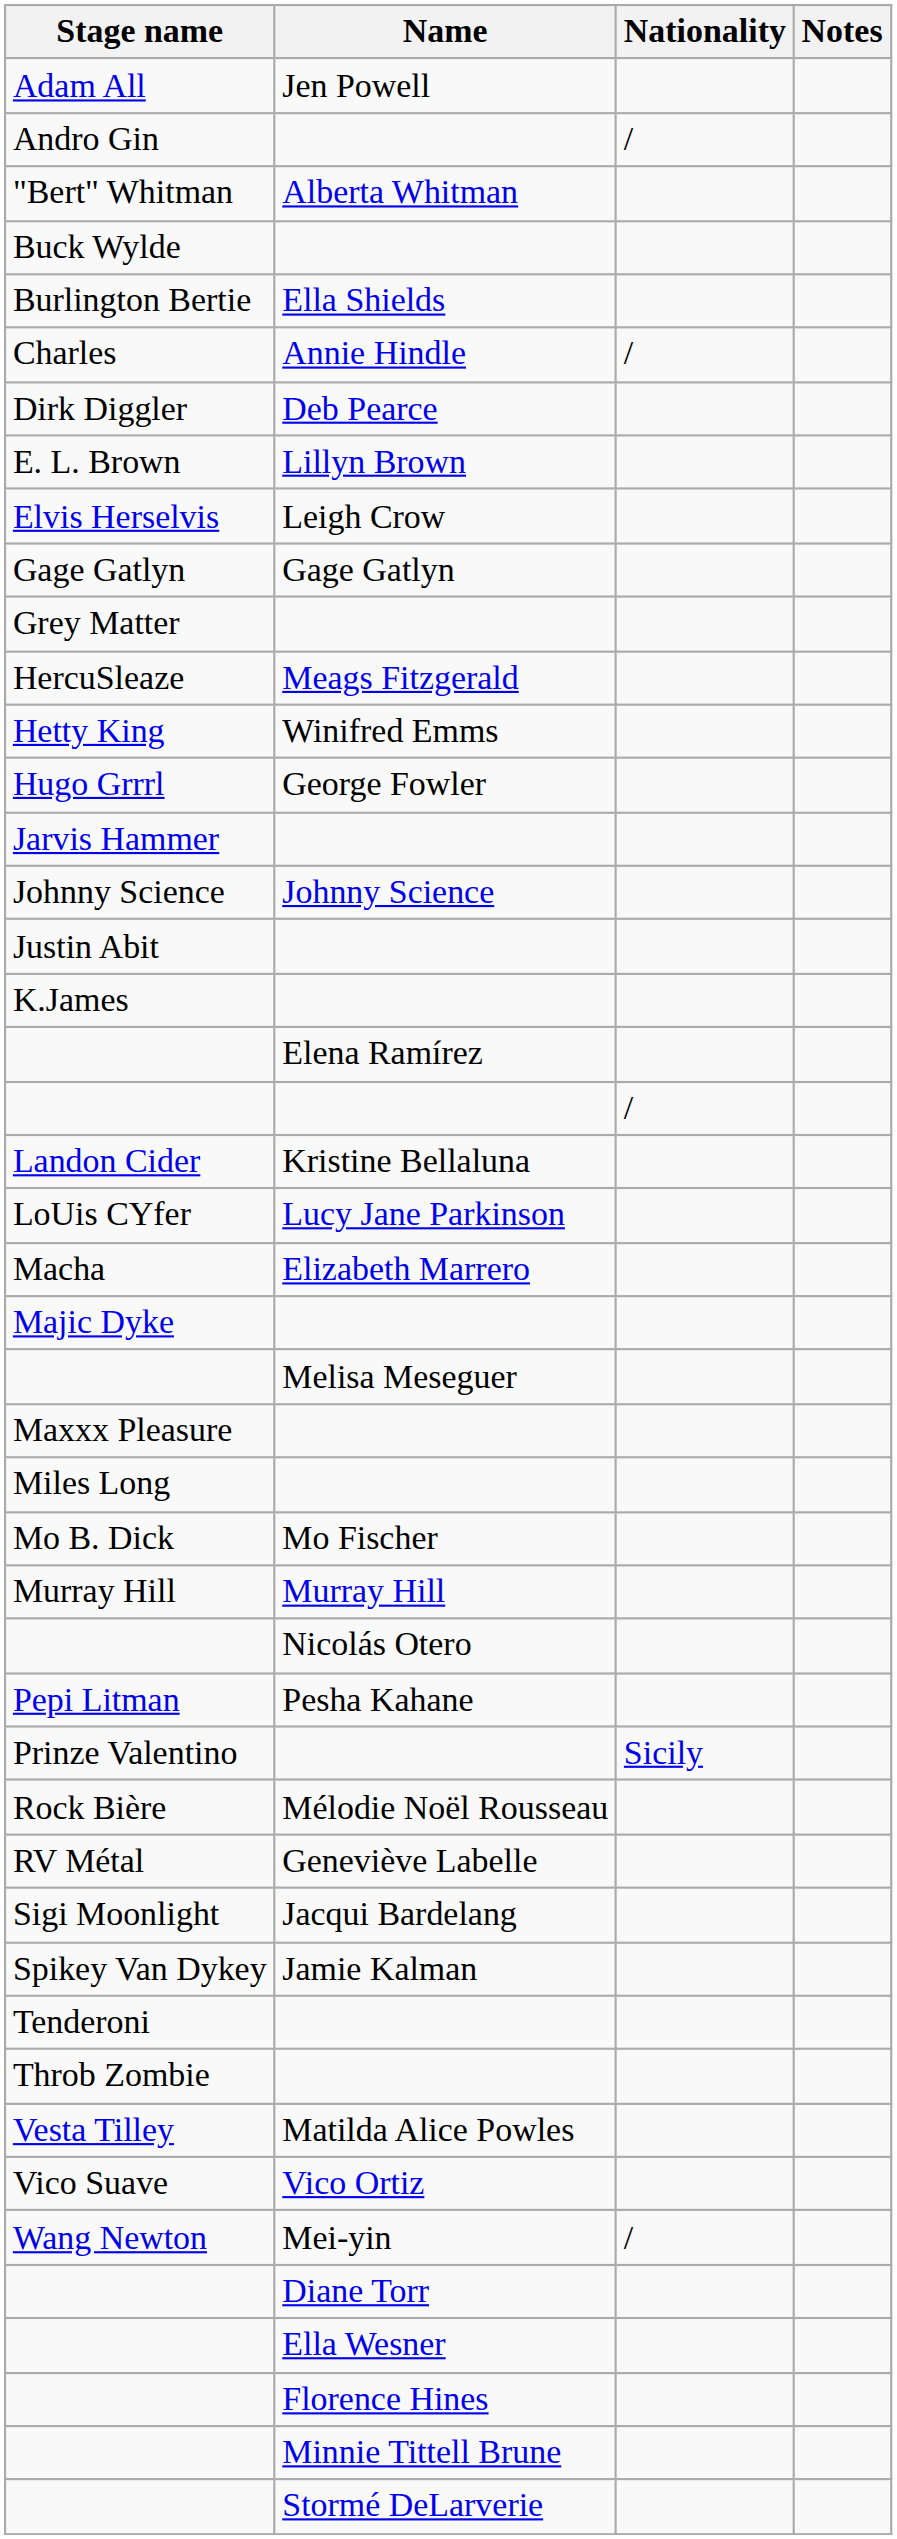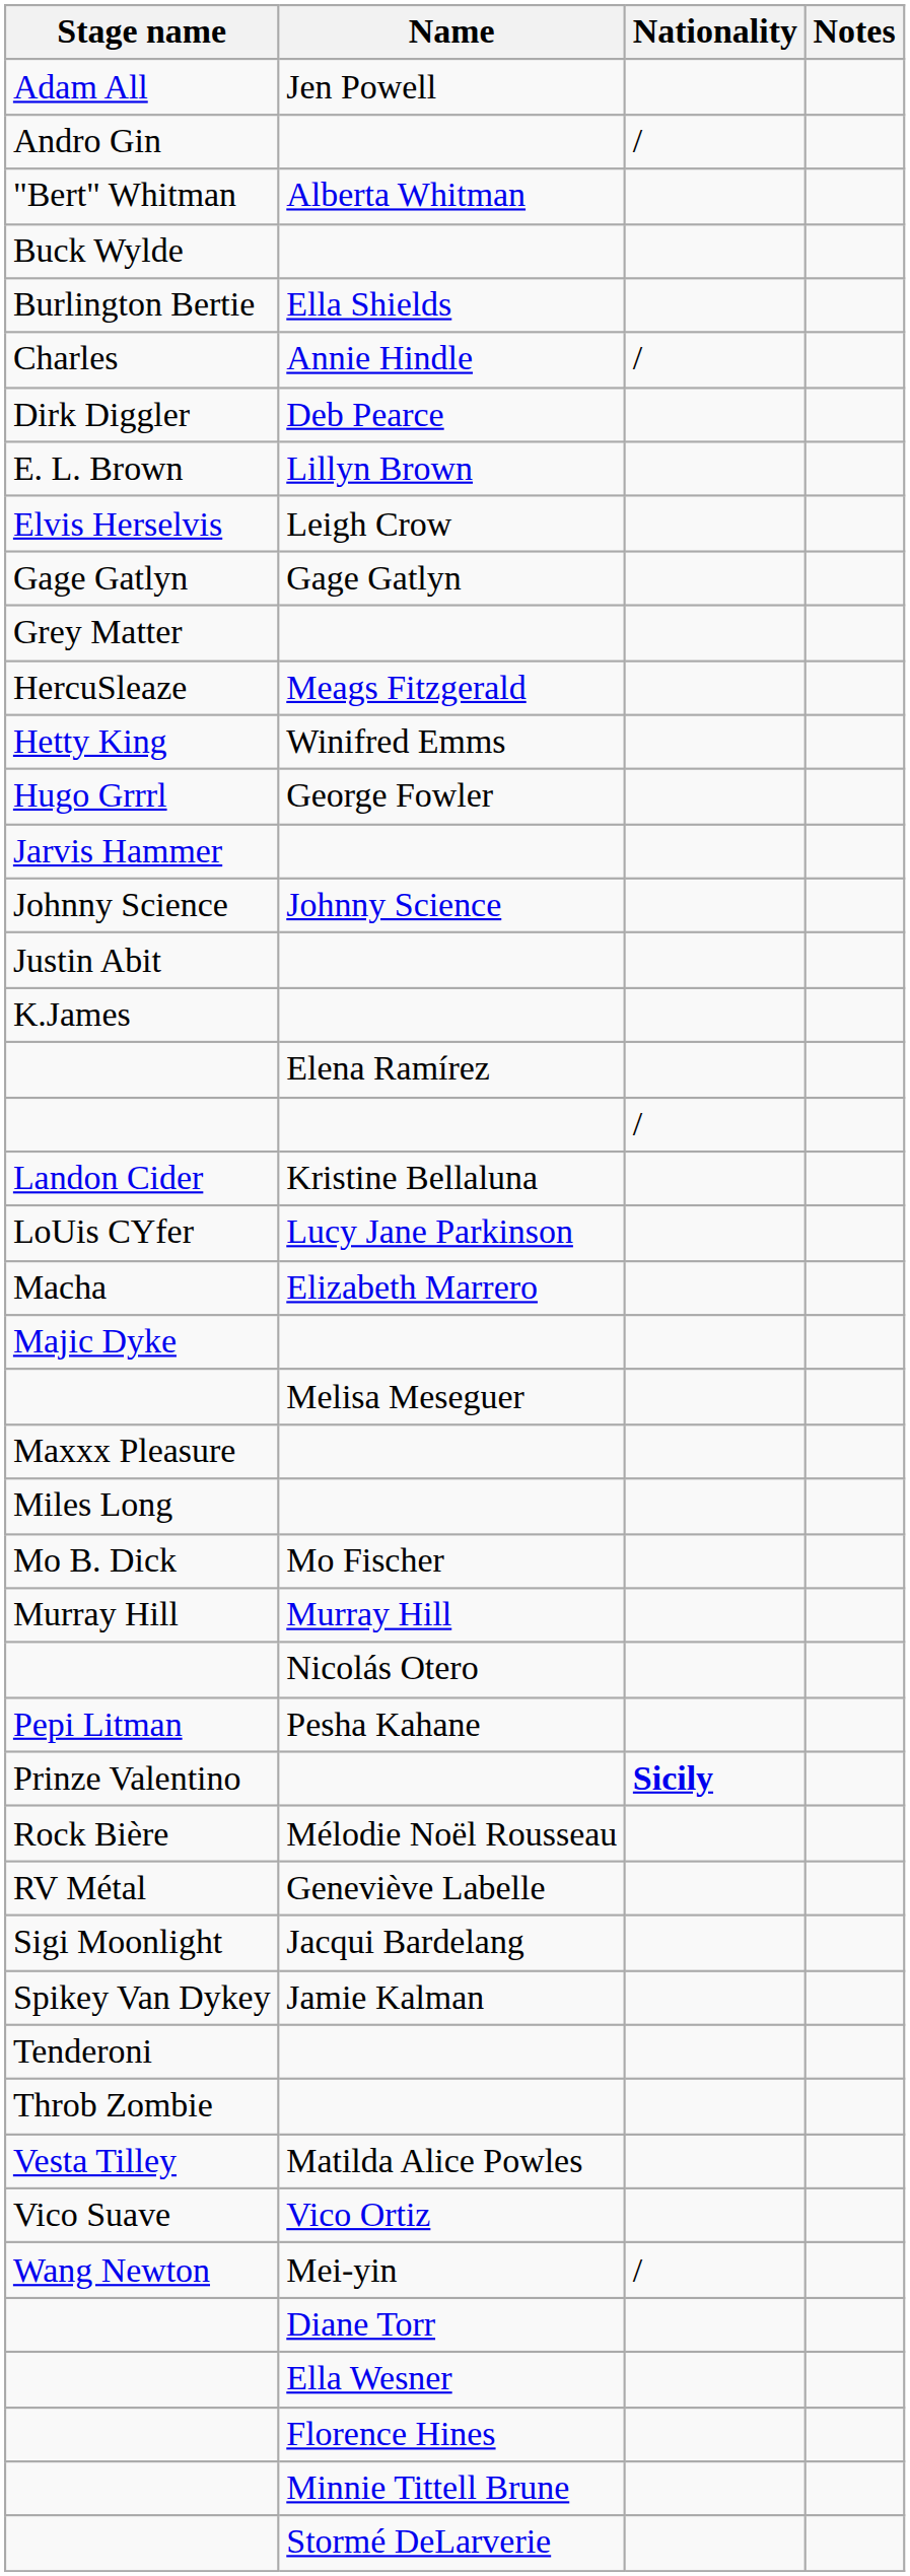 <table class="wikitable sortable">
 <tr>
 <th>Stage name</th>
 <th>Name</th>
 <th>Nationality</th>
 <th class="unsortable">Notes</th>
 </tr>
 <tr>
 <td><a href='#'>Adam All</a></td>
 <td>Jen Powell</td>
 <td></td>
 <td></td>
 </tr>
 <tr>
 <td>Andro Gin</td>
 <td></td>
 <td> / </td>
 <td></td>
 </tr>
 <tr>
 <td>"Bert" Whitman</td>
 <td><a href='#'>Alberta Whitman</a></td>
 <td></td>
 <td></td>
 </tr>
 <tr>
 <td>Buck Wylde</td>
 <td></td>
 <td></td>
 <td></td>
 </tr>
 <tr>
 <td>Burlington Bertie</td>
 <td><a href='#'>Ella Shields</a></td>
 <td></td>
 <td></td>
 </tr>
 <tr>
 <td>Charles</td>
 <td><a href='#'>Annie Hindle</a></td>
 <td> / </td>
 <td></td>
 </tr>
 <tr>
 <td>Dirk Diggler</td>
 <td><a href='#'>Deb Pearce</a></td>
 <td></td>
 <td></td>
 </tr>
 <tr>
 <td>E. L. Brown</td>
 <td><a href='#'>Lillyn Brown</a></td>
 <td></td>
 <td></td>
 </tr>
 <tr>
 <td><a href='#'>Elvis Herselvis</a></td>
 <td>Leigh Crow</td>
 <td></td>
 <td></td>
 </tr>
 <tr>
 <td>Gage Gatlyn</td>
 <td>Gage Gatlyn</td>
 <td></td>
 <td></td>
 </tr>
 <tr>
 <td>Grey Matter</td>
 <td></td>
 <td></td>
 <td></td>
 </tr>
 <tr>
 <td>HercuSleaze</td>
 <td><a href='#'>Meags Fitzgerald</a></td>
 <td></td>
 <td></td>
 </tr>
 <tr>
 <td><a href='#'>Hetty King</a></td>
 <td>Winifred Emms</td>
 <td></td>
 <td></td>
 </tr>
 <tr>
 <td><a href='#'>Hugo Grrrl</a></td>
 <td>George Fowler</td>
 <td></td>
 <td></td>
 </tr>
 <tr>
 <td><a href='#'>Jarvis Hammer</a></td>
 <td></td>
 <td></td>
 <td></td>
 </tr>
 <tr>
 <td>Johnny Science</td>
 <td><a href='#'>Johnny Science</a></td>
 <td></td>
 <td></td>
 </tr>
 <tr>
 <td>Justin Abit</td>
 <td></td>
 <td></td>
 <td></td>
 </tr>
 <tr>
 <td>K.James</td>
 <td></td>
 <td></td>
 <td></td>
 </tr>
 <tr>
 <td></td>
 <td>Elena Ramírez</td>
 <td></td>
 <td></td>
 </tr>
 <tr>
 <td></td>
 <td></td>
 <td> / </td>
 <td></td>
 </tr>
 <tr>
 <td><a href='#'>Landon Cider</a></td>
 <td>Kristine Bellaluna</td>
 <td></td>
 <td></td>
 </tr>
 <tr>
 <td>LoUis CYfer</td>
 <td><a href='#'>Lucy Jane Parkinson</a></td>
 <td></td>
 <td></td>
 </tr>
 <tr>
 <td>Macha</td>
 <td><a href='#'>Elizabeth Marrero</a></td>
 <td></td>
 <td></td>
 </tr>
 <tr>
 <td><a href='#'>Majic Dyke</a></td>
 <td></td>
 <td></td>
 <td></td>
 </tr>
 <tr>
 <td></td>
 <td>Melisa Meseguer</td>
 <td></td>
 <td></td>
 </tr>
 <tr>
 <td>Maxxx Pleasure</td>
 <td></td>
 <td></td>
 <td></td>
 </tr>
 <tr>
 <td>Miles Long</td>
 <td></td>
 <td></td>
 <td></td>
 </tr>
 <tr>
 <td>Mo B. Dick</td>
 <td>Mo Fischer</td>
 <td></td>
 <td></td>
 </tr>
 <tr>
 <td>Murray Hill</td>
 <td><a href='#'>Murray Hill</a></td>
 <td></td>
 <td></td>
 </tr>
 <tr>
 <td></td>
 <td>Nicolás Otero</td>
 <td></td>
 <td></td>
 </tr>
 <tr>
 <td><a href='#'>Pepi Litman</a></td>
 <td>Pesha Kahane</td>
 <td></td>
 <td></td>
 </tr>
 <tr>
 <td>Prinze Valentino</td>
 <td></td>
-<td><a href='#'>Sicily</a></td>
+<td><strong><a href='#'>Sicily</a></strong></td>
 <td></td>
 </tr>
 <tr>
 <td>Rock Bière</td>
 <td>Mélodie Noël Rousseau</td>
 <td></td>
 <td></td>
 </tr>
 <tr>
 <td>RV Métal</td>
 <td>Geneviève Labelle</td>
 <td></td>
 <td></td>
 </tr>
 <tr>
 <td>Sigi Moonlight</td>
 <td>Jacqui Bardelang</td>
 <td></td>
 <td></td>
 </tr>
 <tr>
 <td>Spikey Van Dykey</td>
 <td>Jamie Kalman</td>
 <td></td>
 <td></td>
 </tr>
 <tr>
 <td>Tenderoni</td>
 <td></td>
 <td></td>
 <td></td>
 </tr>
 <tr>
 <td>Throb Zombie</td>
 <td></td>
 <td></td>
 <td></td>
 </tr>
 <tr>
 <td><a href='#'>Vesta Tilley</a></td>
 <td>Matilda Alice Powles</td>
 <td></td>
 <td></td>
 </tr>
 <tr>
 <td>Vico Suave</td>
 <td><a href='#'>Vico Ortiz</a></td>
 <td></td>
 <td></td>
 </tr>
 <tr>
 <td><a href='#'>Wang Newton</a></td>
 <td>Mei-yin</td>
 <td> / </td>
 <td></td>
 </tr>
 <tr>
 <td></td>
 <td><a href='#'>Diane Torr</a></td>
 <td></td>
 <td></td>
 </tr>
 <tr>
 <td></td>
 <td><a href='#'>Ella Wesner</a></td>
 <td></td>
 <td></td>
 </tr>
 <tr>
 <td></td>
 <td><a href='#'>Florence Hines</a></td>
 <td></td>
 <td></td>
 </tr>
 <tr>
 <td></td>
 <td><a href='#'>Minnie Tittell Brune</a></td>
 <td></td>
 <td></td>
 </tr>
 <tr>
 <td></td>
 <td><a href='#'>Stormé DeLarverie</a></td>
 <td></td>
 <td></td>
 </tr>
 </table>
